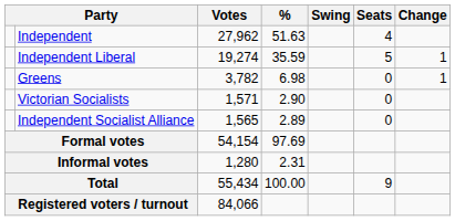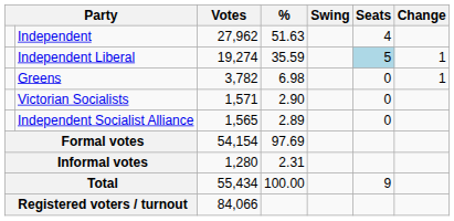 <table class="wikitable" style="text-align:right; margin-bottom:0">
 <tr>
 <th colspan="3" style="width:10px">Party</th>
 <th style="width:70px;">Votes</th>
 <th style="width:40px;">%</th>
 <th style="width:40px;">Swing</th>
 <th style="width:40px;">Seats</th>
 <th style="width:40px;">Change</th>
 </tr>
 <tr>
 <td> </td>
 <td colspan="2" style="text-align:left;"><a href='#'>Independent</a></td>
 <td style="width:70px;">27,962</td>
 <td style="width:40px;">51.63</td>
 <td style="width:45px;"></td>
 <td style="width:40px;">4</td>
 <td style="width:40px;"></td>
 </tr>
 <tr>
 <td> </td>
 <td colspan="2" style="text-align:left;"><a href='#'>Independent Liberal</a></td>
 <td>19,274</td>
 <td>35.59</td>
 <td></td>
-<td>5</td>
+<td style="background: lightblue;">5</td>
 <td> 1</td>
 </tr>
 <tr>
 <td> </td>
 <td colspan="2" style="text-align:left;"><a href='#'>Greens</a></td>
 <td>3,782</td>
 <td>6.98</td>
 <td></td>
 <td>0</td>
 <td> 1</td>
 </tr>
 <tr>
 <td> </td>
 <td colspan="2" style="text-align:left;"><a href='#'>Victorian Socialists</a></td>
 <td>1,571</td>
 <td>2.90</td>
 <td></td>
 <td>0</td>
 <td></td>
 </tr>
 <tr>
 <td> </td>
 <td colspan="2" style="text-align:left;"><a href='#'>Independent Socialist Alliance</a></td>
 <td>1,565</td>
 <td>2.89</td>
 <td></td>
 <td>0</td>
 <td></td>
 </tr>
 <tr>
 <th colspan="3" rowspan="1"> Formal votes</th>
 <td>54,154</td>
 <td>97.69</td>
 <td></td>
 <td></td>
 <td></td>
 </tr>
 <tr>
 <th colspan="3" rowspan="1"> Informal votes</th>
 <td>1,280</td>
 <td>2.31</td>
 <td></td>
 <td></td>
 <td></td>
 </tr>
 <tr>
 <th colspan="3" rowspan="1"> Total</th>
 <td>55,434</td>
 <td>100.00</td>
 <td></td>
 <td>9</td>
 <td></td>
 </tr>
 <tr>
 <th colspan="3" rowspan="1"> Registered voters / turnout</th>
 <td>84,066</td>
 <td></td>
 <td></td>
 <td></td>
 <td></td>
 </tr>
 </table>
